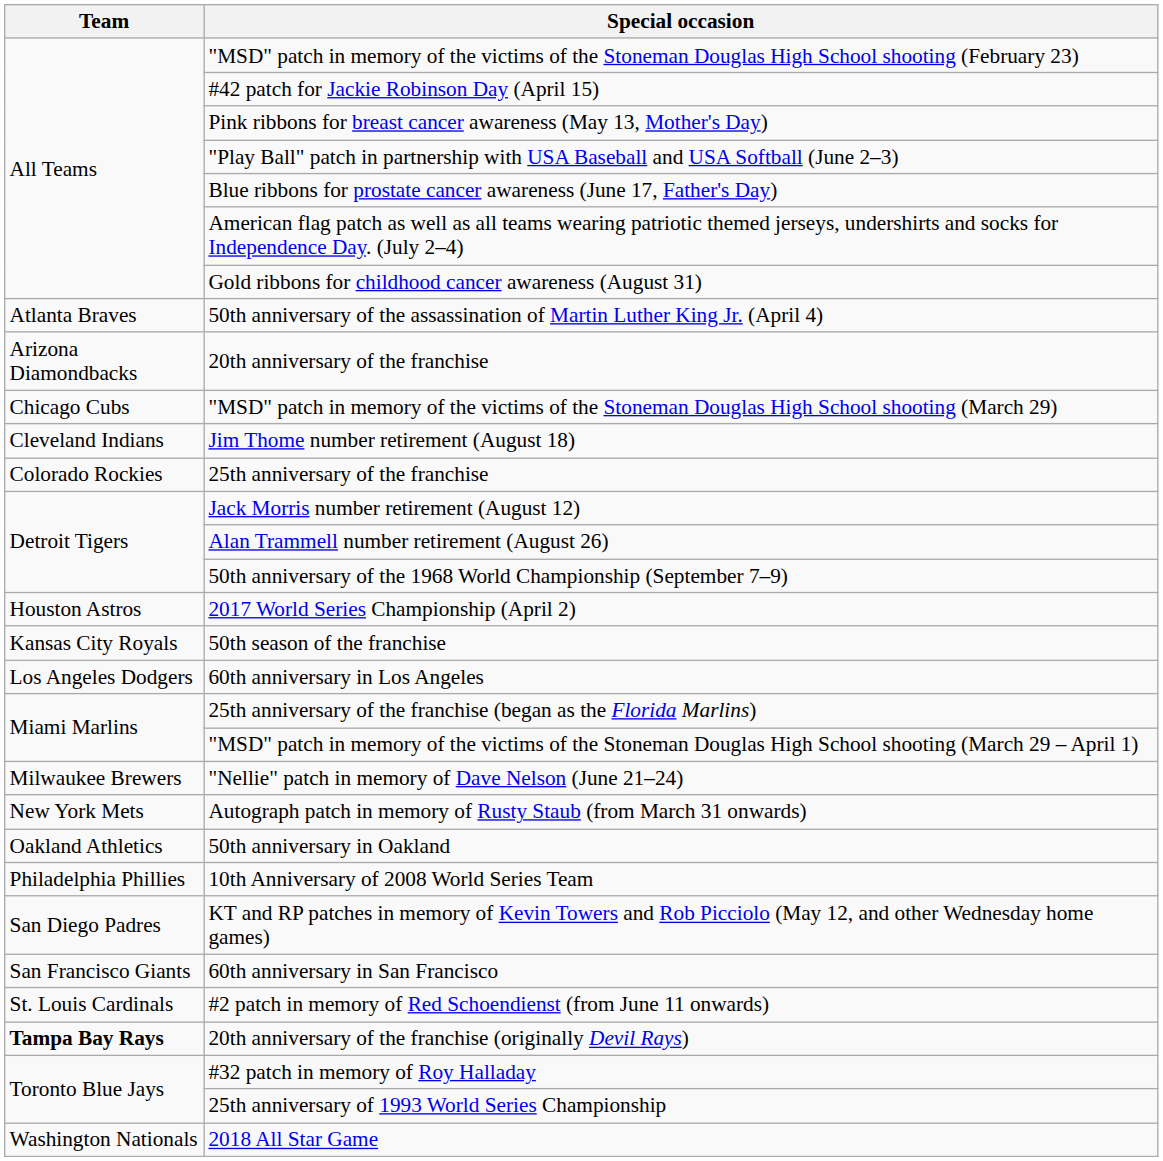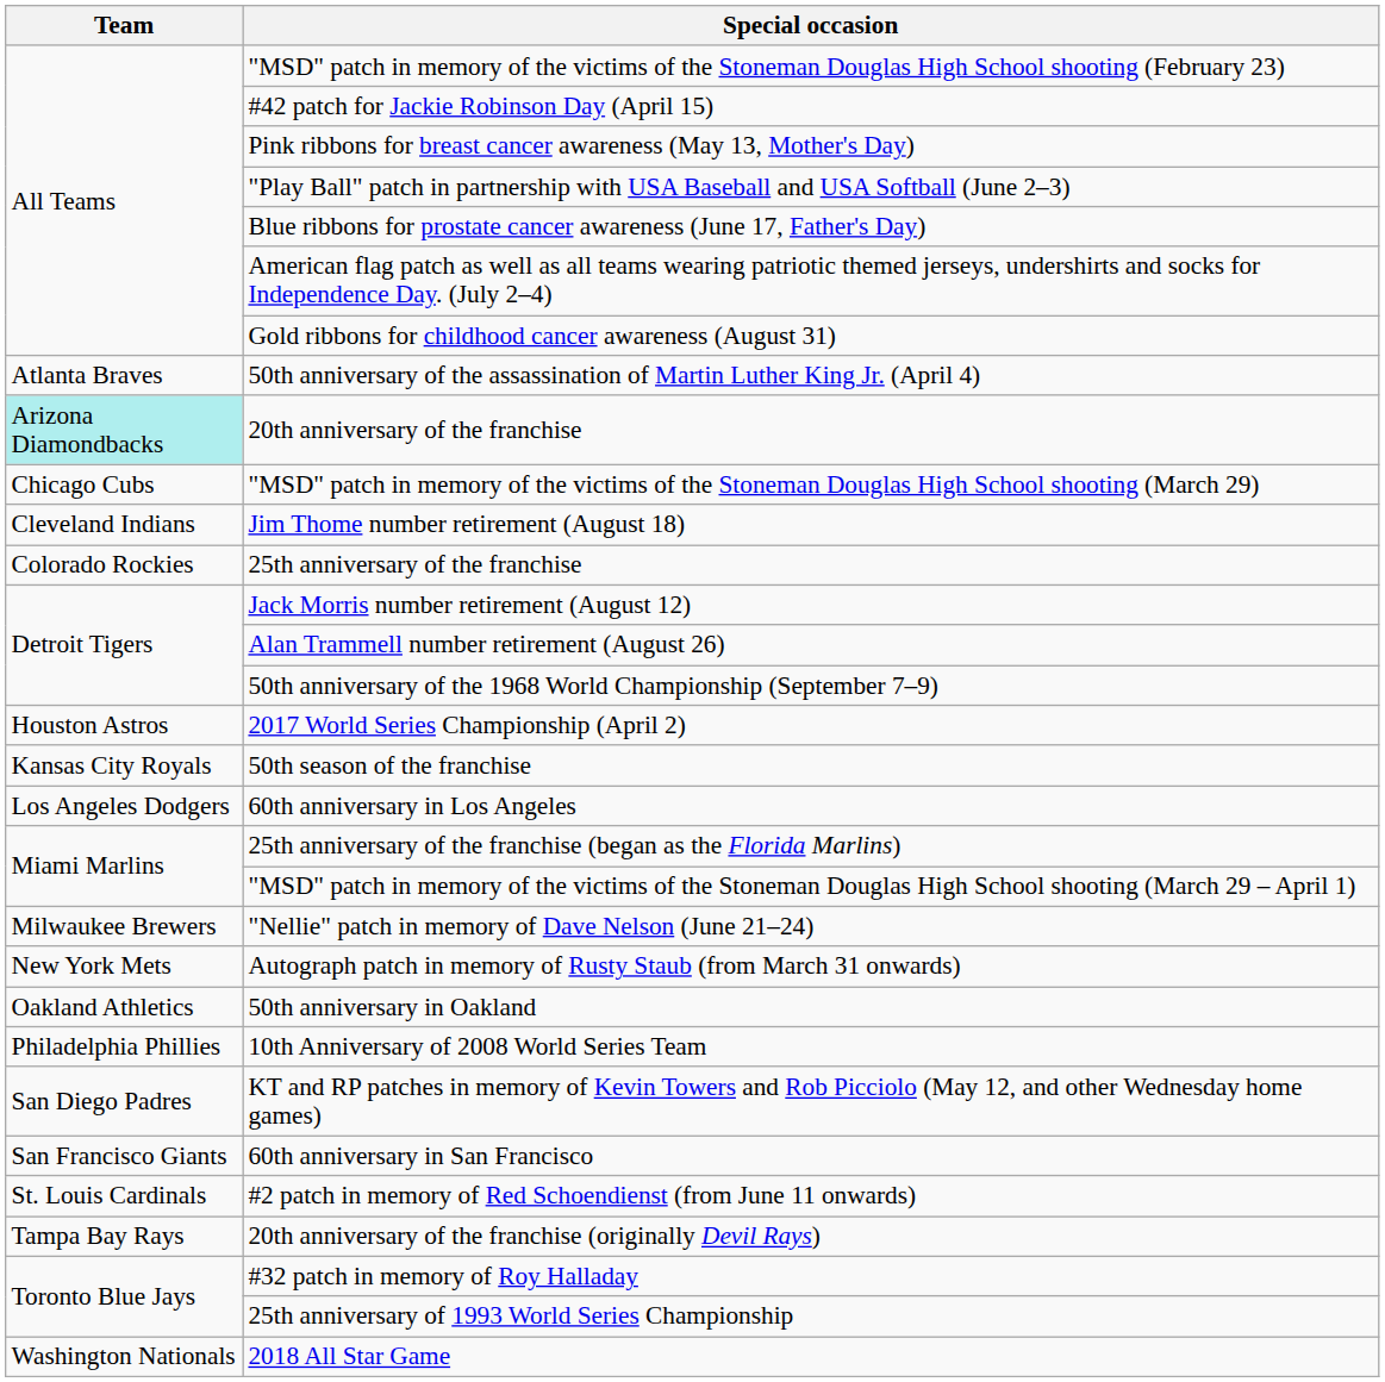 <table class="wikitable">
 <tr>
 <th>Team</th>
 <th>Special occasion</th>
 </tr>
 <tr>
 <td rowspan=7>All Teams</td>
 <td>"MSD" patch in memory of the victims of the <a href='#'>Stoneman Douglas High School shooting</a> (February 23)</td>
 </tr>
 <tr>
 <td>#42 patch for <a href='#'>Jackie Robinson Day</a> (April 15)</td>
 </tr>
 <tr>
 <td>Pink ribbons for <a href='#'>breast cancer</a> awareness (May 13, <a href='#'>Mother's Day</a>)</td>
 </tr>
 <tr>
 <td>"Play Ball" patch in partnership with <a href='#'>USA Baseball</a> and <a href='#'>USA Softball</a> (June 2–3)</td>
 </tr>
 <tr>
 <td>Blue ribbons for <a href='#'>prostate cancer</a> awareness (June 17, <a href='#'>Father's Day</a>)</td>
 </tr>
 <tr>
 <td>American flag patch as well as all teams wearing patriotic themed jerseys, undershirts and socks for <a href='#'>Independence Day</a>. (July 2–4)</td>
 </tr>
 <tr>
 <td>Gold ribbons for <a href='#'>childhood cancer</a> awareness (August 31)</td>
 </tr>
 <tr>
 <td>Atlanta Braves</td>
 <td>50th anniversary of the assassination of <a href='#'>Martin Luther King Jr.</a> (April 4)</td>
 </tr>
 <tr>
-<td>Arizona Diamondbacks</td>
+<td style="background: paleturquoise;">Arizona Diamondbacks</td>
 <td>20th anniversary of the franchise</td>
 </tr>
 <tr>
 <td>Chicago Cubs</td>
 <td>"MSD" patch in memory of the victims of the <a href='#'>Stoneman Douglas High School shooting</a> (March 29)</td>
 </tr>
 <tr>
 <td>Cleveland Indians</td>
 <td><a href='#'>Jim Thome</a> number retirement (August 18)</td>
 </tr>
 <tr>
 <td>Colorado Rockies</td>
 <td>25th anniversary of the franchise</td>
 </tr>
 <tr>
 <td rowspan=3>Detroit Tigers</td>
 <td><a href='#'>Jack Morris</a> number retirement (August 12)</td>
 </tr>
 <tr>
 <td><a href='#'>Alan Trammell</a> number retirement (August 26)</td>
 </tr>
 <tr>
 <td>50th anniversary of the 1968 World Championship (September 7–9)</td>
 </tr>
 <tr>
 <td>Houston Astros</td>
 <td><a href='#'>2017 World Series</a> Championship (April 2)</td>
 </tr>
 <tr>
 <td>Kansas City Royals</td>
 <td>50th season of the franchise</td>
 </tr>
 <tr>
 <td>Los Angeles Dodgers</td>
 <td>60th anniversary in Los Angeles</td>
 </tr>
 <tr>
 <td rowspan=2>Miami Marlins</td>
 <td>25th anniversary of the franchise (began as the <em><a href='#'>Florida</a> Marlins</em>)</td>
 </tr>
 <tr>
 <td>"MSD" patch in memory of the victims of the Stoneman Douglas High School shooting (March 29 – April 1)</td>
 </tr>
 <tr>
 <td>Milwaukee Brewers</td>
 <td>"Nellie" patch in memory of <a href='#'>Dave Nelson</a> (June 21–24)</td>
 </tr>
 <tr>
 <td>New York Mets</td>
 <td>Autograph patch in memory of <a href='#'>Rusty Staub</a> (from March 31 onwards)</td>
 </tr>
 <tr>
 <td>Oakland Athletics</td>
 <td>50th anniversary in Oakland</td>
 </tr>
 <tr>
 <td>Philadelphia Phillies</td>
 <td>10th Anniversary of 2008 World Series Team</td>
 </tr>
 <tr>
 <td>San Diego Padres</td>
 <td>KT and RP patches in memory of <a href='#'>Kevin Towers</a> and <a href='#'>Rob Picciolo</a> (May 12, and other Wednesday home games)</td>
 </tr>
 <tr>
 <td>San Francisco Giants</td>
 <td>60th anniversary in San Francisco</td>
 </tr>
 <tr>
 <td>St. Louis Cardinals</td>
 <td>#2 patch in memory of <a href='#'>Red Schoendienst</a> (from June 11 onwards)</td>
 </tr>
 <tr>
-<td><strong>Tampa Bay Rays</strong></td>
+<td>Tampa Bay Rays</td>
 <td>20th anniversary of the franchise (originally <em><a href='#'>Devil Rays</a></em>)</td>
 </tr>
 <tr>
 <td rowspan=2>Toronto Blue Jays</td>
 <td>#32 patch in memory of <a href='#'>Roy Halladay</a></td>
 </tr>
 <tr>
 <td>25th anniversary of <a href='#'>1993 World Series</a> Championship</td>
 </tr>
 <tr>
 <td>Washington Nationals</td>
 <td><a href='#'>2018 All Star Game</a></td>
 </tr>
 </table>
